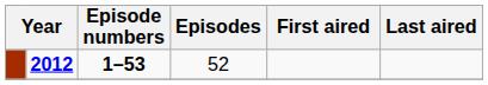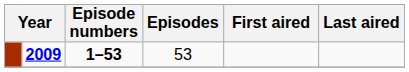 <table class="wikitable" style="text-align:center">
 <tr>
 <th style="padding:0 9px;" colspan="2">Year</th>
 <th style="padding:0 4px;">Episode<br>numbers</th>
 <th style="padding:0 4px;">Episodes</th>
 <th style="padding:0 8px;">First aired</th>
 <th style="padding:0 4px;">Last aired</th>
 </tr>
 <tr>
 <td style="background:#A62C00;padding:0 8px;  "></td>
-<td><strong><a href='#'>2012</a></strong></td>
+<td><strong><a href='#'>2009</a></strong></td>
 <td><strong>1–53</strong></td>
-<td>52</td>
+<td>53</td>
 <td></td>
 <td></td>
 </tr>
 <tr>
 </tr>
 </table>
